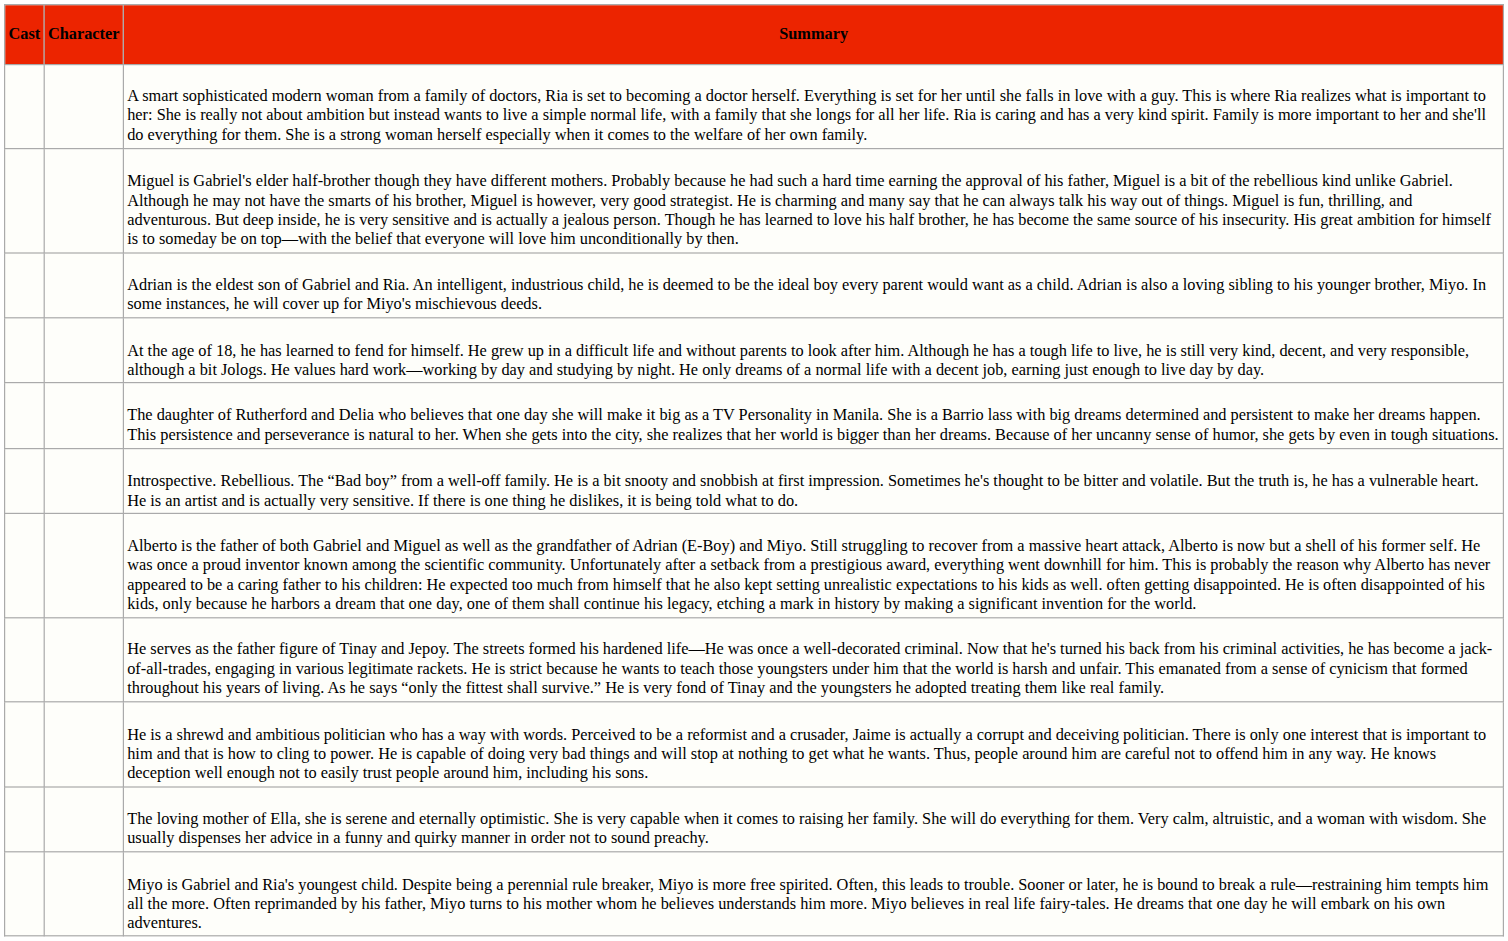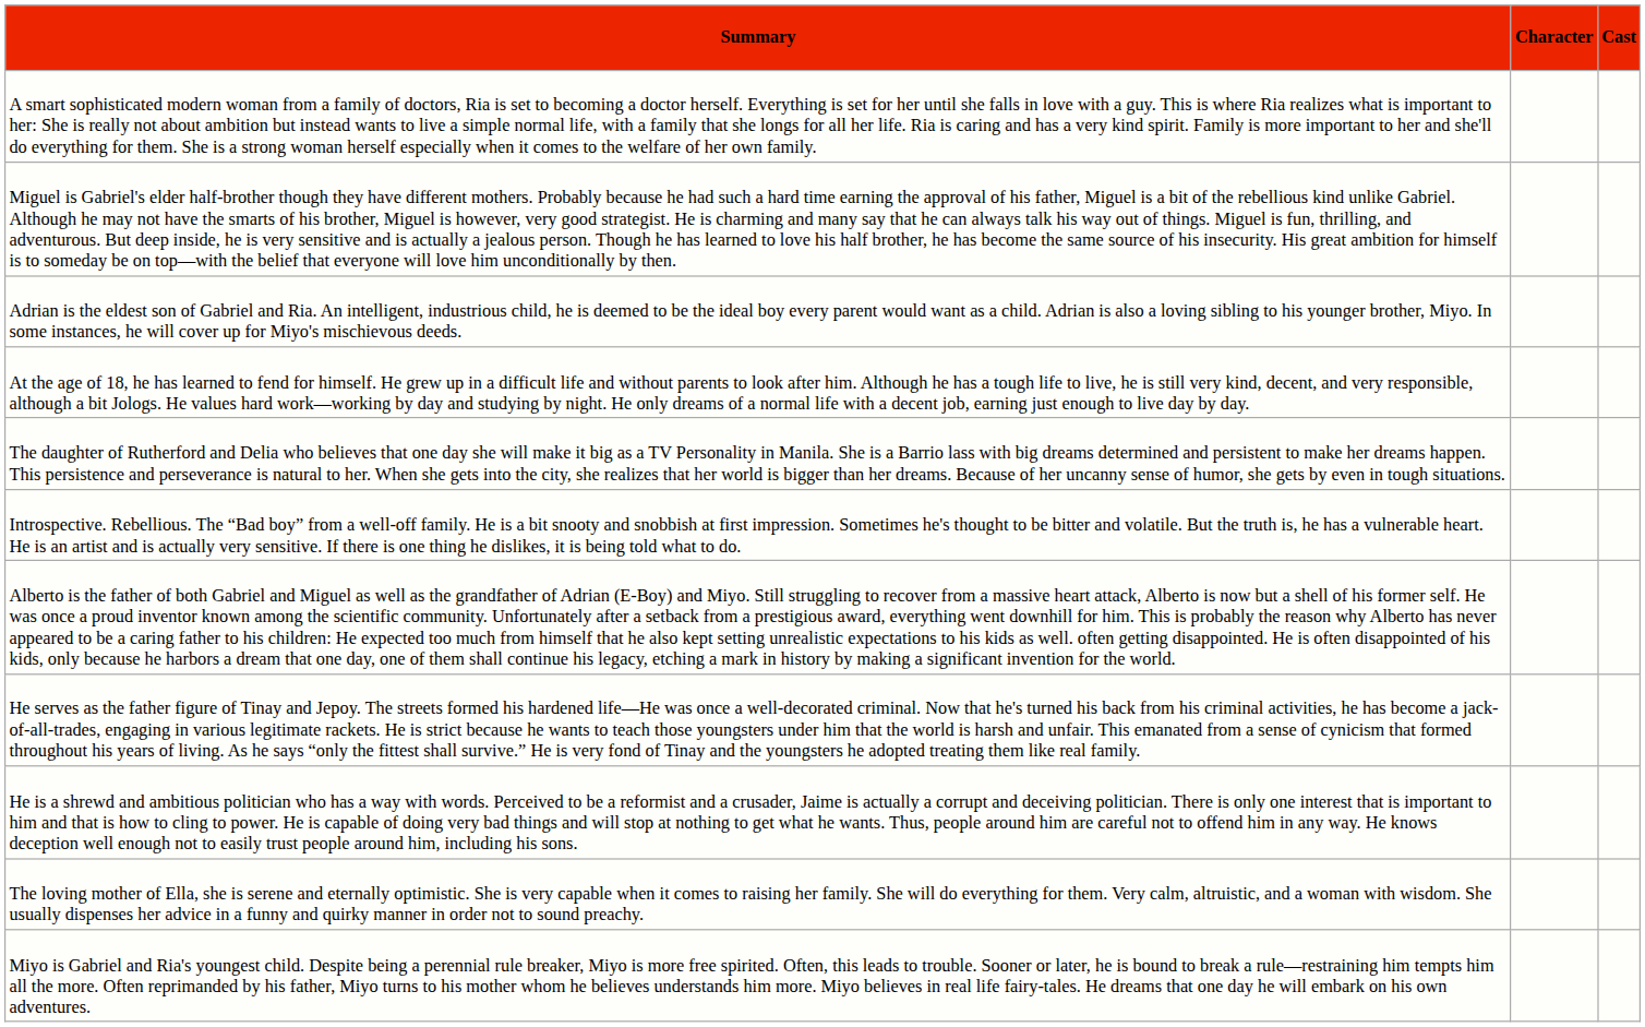 <table class="wikitable" style=" background:#FEFEFA; font-size: 85%;">
 <tr>
+<th style="background:#ec2400 ;"><p>Summary</p></th>
+<th style="background:#ec2400; "><p>Character</p></th>
 <th style="background:#ec2400 ;"><p>Cast</p></th>
-<th style="background:#ec2400; "><p>Character</p></th>
-<th style="background:#ec2400 ;"><p>Summary</p></th>
 </tr>
 <tr>
+<td><br>A smart sophisticated modern woman from a family of doctors, Ria is set to becoming a doctor herself. Everything is set for her until she falls in love with a guy. This is where Ria realizes what is important to her: She is really not about ambition but instead wants to live a simple normal life, with a family that she longs for all her life. Ria is caring and has a very kind spirit. Family is more important to her and she'll do everything for them. She is a strong woman herself especially when it comes to the welfare of her own family.</td>
 <td></td>
 <td></td>
-<td><br>A smart sophisticated modern woman from a family of doctors, Ria is set to becoming a doctor herself. Everything is set for her until she falls in love with a guy. This is where Ria realizes what is important to her: She is really not about ambition but instead wants to live a simple normal life, with a family that she longs for all her life. Ria is caring and has a very kind spirit. Family is more important to her and she'll do everything for them. She is a strong woman herself especially when it comes to the welfare of her own family.</td>
 </tr>
 <tr>
+<td><br>Miguel is Gabriel's elder half-brother though they have different mothers. Probably because he had such a hard time earning the approval of his father, Miguel is a bit of the rebellious kind unlike Gabriel. Although he may not have the smarts of his brother, Miguel is however, very good strategist. He is charming and many say that he can always talk his way out of things. Miguel is fun, thrilling, and adventurous. But deep inside, he is very sensitive and is actually a jealous person. Though he has learned to love his half brother, he has become the same source of his insecurity. His great ambition for himself is to someday be on top—with the belief that everyone will love him unconditionally by then.</td>
 <td></td>
 <td></td>
-<td><br>Miguel is Gabriel's elder half-brother though they have different mothers. Probably because he had such a hard time earning the approval of his father, Miguel is a bit of the rebellious kind unlike Gabriel. Although he may not have the smarts of his brother, Miguel is however, very good strategist. He is charming and many say that he can always talk his way out of things. Miguel is fun, thrilling, and adventurous. But deep inside, he is very sensitive and is actually a jealous person. Though he has learned to love his half brother, he has become the same source of his insecurity. His great ambition for himself is to someday be on top—with the belief that everyone will love him unconditionally by then.</td>
 </tr>
 <tr>
+<td><br>Adrian is the eldest son of Gabriel and Ria. An intelligent, industrious child, he is deemed to be the ideal boy every parent would want as a child. Adrian is also a loving sibling to his younger brother, Miyo. In some instances, he will cover up for Miyo's mischievous deeds.</td>
 <td></td>
 <td></td>
-<td><br>Adrian is the eldest son of Gabriel and Ria. An intelligent, industrious child, he is deemed to be the ideal boy every parent would want as a child. Adrian is also a loving sibling to his younger brother, Miyo. In some instances, he will cover up for Miyo's mischievous deeds.</td>
 </tr>
 <tr>
+<td><br>At the age of 18, he has learned to fend for himself. He grew up in a difficult life and without parents to look after him. Although he has a tough life to live, he is still very kind, decent, and very responsible, although a bit Jologs. He values hard work—working by day and studying by night. He only dreams of a normal life with a decent job, earning just enough to live day by day.</td>
 <td></td>
 <td></td>
-<td><br>At the age of 18, he has learned to fend for himself. He grew up in a difficult life and without parents to look after him. Although he has a tough life to live, he is still very kind, decent, and very responsible, although a bit Jologs. He values hard work—working by day and studying by night. He only dreams of a normal life with a decent job, earning just enough to live day by day.</td>
 </tr>
 <tr>
+<td><br>The daughter of Rutherford and Delia who believes that one day she will make it big as a TV Personality in Manila. She is a Barrio lass with big dreams determined and persistent to make her dreams happen. This persistence and perseverance is natural to her. When she gets into the city, she realizes that her world is bigger than her dreams. Because of her uncanny sense of humor, she gets by even in tough situations.</td>
 <td></td>
 <td></td>
-<td><br>The daughter of Rutherford and Delia who believes that one day she will make it big as a TV Personality in Manila. She is a Barrio lass with big dreams determined and persistent to make her dreams happen. This persistence and perseverance is natural to her. When she gets into the city, she realizes that her world is bigger than her dreams. Because of her uncanny sense of humor, she gets by even in tough situations.</td>
 </tr>
 <tr>
+<td><br>Introspective. Rebellious. The “Bad boy” from a well-off family. He is a bit snooty and snobbish at first impression. Sometimes he's thought to be bitter and volatile. But the truth is, he has a vulnerable heart. He is an artist and is actually very sensitive. If there is one thing he dislikes, it is being told what to do.</td>
 <td></td>
 <td></td>
-<td><br>Introspective. Rebellious. The “Bad boy” from a well-off family. He is a bit snooty and snobbish at first impression. Sometimes he's thought to be bitter and volatile. But the truth is, he has a vulnerable heart. He is an artist and is actually very sensitive. If there is one thing he dislikes, it is being told what to do.</td>
 </tr>
 <tr>
+<td><br>Alberto is the father of both Gabriel and Miguel as well as the grandfather of Adrian (E-Boy) and Miyo. Still struggling to recover from a massive heart attack, Alberto is now but a shell of his former self. He was once a proud inventor known among the scientific community. Unfortunately after a setback from a prestigious award, everything went downhill for him. This is probably the reason why Alberto has never appeared to be a caring father to his children: He expected too much from himself that he also kept setting unrealistic expectations to his kids as well. often getting disappointed. He is often disappointed of his kids, only because he harbors a dream that one day, one of them shall continue his legacy, etching a mark in history by making a significant invention for the world.</td>
 <td></td>
 <td></td>
-<td><br>Alberto is the father of both Gabriel and Miguel as well as the grandfather of Adrian (E-Boy) and Miyo. Still struggling to recover from a massive heart attack, Alberto is now but a shell of his former self. He was once a proud inventor known among the scientific community. Unfortunately after a setback from a prestigious award, everything went downhill for him. This is probably the reason why Alberto has never appeared to be a caring father to his children: He expected too much from himself that he also kept setting unrealistic expectations to his kids as well. often getting disappointed. He is often disappointed of his kids, only because he harbors a dream that one day, one of them shall continue his legacy, etching a mark in history by making a significant invention for the world.</td>
 </tr>
 <tr>
+<td><br>He serves as the father figure of Tinay and Jepoy. The streets formed his hardened life—He was once a well-decorated criminal. Now that he's turned his back from his criminal activities, he has become a jack-of-all-trades, engaging in various legitimate rackets. He is strict because he wants to teach those youngsters under him that the world is harsh and unfair. This emanated from a sense of cynicism that formed throughout his years of living. As he says “only the fittest shall survive.” He is very fond of Tinay and the youngsters he adopted treating them like real family.</td>
 <td></td>
 <td></td>
-<td><br>He serves as the father figure of Tinay and Jepoy. The streets formed his hardened life—He was once a well-decorated criminal. Now that he's turned his back from his criminal activities, he has become a jack-of-all-trades, engaging in various legitimate rackets. He is strict because he wants to teach those youngsters under him that the world is harsh and unfair. This emanated from a sense of cynicism that formed throughout his years of living. As he says “only the fittest shall survive.” He is very fond of Tinay and the youngsters he adopted treating them like real family.</td>
 </tr>
 <tr>
+<td><br>He is a shrewd and ambitious politician who has a way with words. Perceived to be a reformist and a crusader, Jaime is actually a corrupt and deceiving politician. There is only one interest that is important to him and that is how to cling to power. He is capable of doing very bad things and will stop at nothing to get what he wants. Thus, people around him are careful not to offend him in any way. He knows deception well enough not to easily trust people around him, including his sons.</td>
 <td></td>
 <td></td>
-<td><br>He is a shrewd and ambitious politician who has a way with words. Perceived to be a reformist and a crusader, Jaime is actually a corrupt and deceiving politician. There is only one interest that is important to him and that is how to cling to power. He is capable of doing very bad things and will stop at nothing to get what he wants. Thus, people around him are careful not to offend him in any way. He knows deception well enough not to easily trust people around him, including his sons.</td>
 </tr>
 <tr>
+<td><br>The loving mother of Ella, she is serene and eternally optimistic. She is very capable when it comes to raising her family. She will do everything for them. Very calm, altruistic, and a woman with wisdom. She usually dispenses her advice in a funny and quirky manner in order not to sound preachy.</td>
 <td></td>
 <td></td>
-<td><br>The loving mother of Ella, she is serene and eternally optimistic. She is very capable when it comes to raising her family. She will do everything for them. Very calm, altruistic, and a woman with wisdom. She usually dispenses her advice in a funny and quirky manner in order not to sound preachy.</td>
 </tr>
 <tr>
+<td><br>Miyo is Gabriel and Ria's youngest child. Despite being a perennial rule breaker, Miyo is more free spirited. Often, this leads to trouble. Sooner or later, he is bound to break a rule—restraining him tempts him all the more. Often reprimanded by his father, Miyo turns to his mother whom he believes understands him more. Miyo believes in real life fairy-tales. He dreams that one day he will embark on his own adventures.</td>
 <td></td>
 <td></td>
-<td><br>Miyo is Gabriel and Ria's youngest child. Despite being a perennial rule breaker, Miyo is more free spirited. Often, this leads to trouble. Sooner or later, he is bound to break a rule—restraining him tempts him all the more. Often reprimanded by his father, Miyo turns to his mother whom he believes understands him more. Miyo believes in real life fairy-tales. He dreams that one day he will embark on his own adventures.</td>
 </tr>
 </table>
